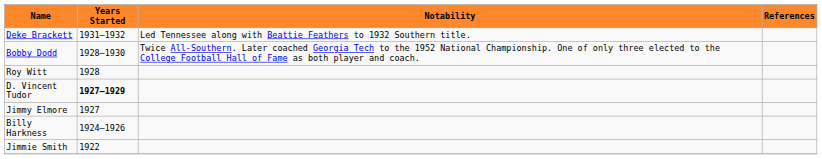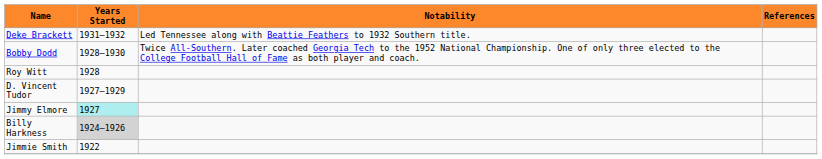 <table class="wikitable sortable" style="text-align:left;">
 <tr>
 <th style="background:#FC882B;"><span>Name</span></th>
 <th style="background:#FC882B;"><span>Years Started</span></th>
 <th style="background:#FC882B;"><span>Notability</span></th>
 <th style="background:#FC882B;"><span>References</span></th>
 </tr>
 <tr>
 <td><a href='#'>Deke Brackett</a></td>
 <td>1931–1932</td>
 <td>Led Tennessee along with <a href='#'>Beattie Feathers</a> to 1932 Southern title.</td>
 <td></td>
 </tr>
 <tr>
 <td><a href='#'>Bobby Dodd</a></td>
 <td>1928–1930</td>
 <td>Twice <a href='#'>All-Southern</a>. Later coached <a href='#'>Georgia Tech</a> to the 1952 National Championship. One of only three elected to the <a href='#'>College Football Hall of Fame</a> as both player and coach.</td>
 <td></td>
 </tr>
 <tr>
 <td>Roy Witt</td>
 <td>1928</td>
 <td></td>
 <td></td>
 </tr>
 <tr>
 <td>D. Vincent Tudor</td>
-<td><strong>1927–1929</strong></td>
+<td>1927–1929</td>
 <td></td>
 <td></td>
 </tr>
 <tr>
 <td>Jimmy Elmore</td>
-<td>1927</td>
+<td style="background: paleturquoise;">1927</td>
 <td></td>
 <td></td>
 </tr>
 <tr>
 <td>Billy Harkness</td>
-<td>1924–1926</td>
+<td style="background: lightgrey;">1924–1926</td>
 <td></td>
 <td></td>
 </tr>
 <tr>
 <td>Jimmie Smith</td>
 <td>1922</td>
 <td></td>
 <td></td>
 </tr>
 <tr>
 </tr>
 </table>
